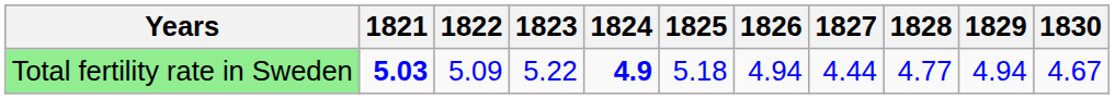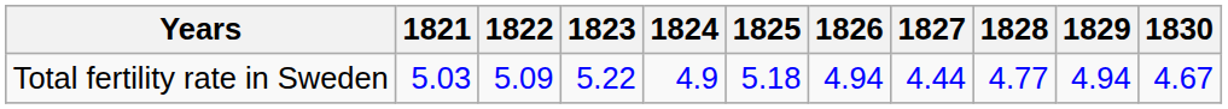 <table class="wikitable " style="text-align:right">
 <tr>
 <th>Years</th>
 <th>1821</th>
 <th>1822</th>
 <th>1823</th>
 <th>1824</th>
 <th>1825</th>
 <th>1826</th>
 <th>1827</th>
 <th>1828</th>
 <th>1829</th>
 <th>1830</th>
 </tr>
 <tr>
-<td style="background: lightgreen; text-align:left;">Total fertility rate in Sweden</td>
-<td style="text-align:right; color:blue;"><strong>5.03</strong></td>
+<td style="text-align:left;">Total fertility rate in Sweden</td>
+<td style="text-align:right; color:blue;">5.03</td>
 <td style="text-align:right; color:blue;">5.09</td>
 <td style="text-align:right; color:blue;">5.22</td>
-<td style="text-align:right; color:blue;"><strong>4.9</strong></td>
+<td style="text-align:right; color:blue;">4.9</td>
 <td style="text-align:right; color:blue;">5.18</td>
 <td style="text-align:right; color:blue;">4.94</td>
 <td style="text-align:right; color:blue;">4.44</td>
 <td style="text-align:right; color:blue;">4.77</td>
 <td style="text-align:right; color:blue;">4.94</td>
 <td style="text-align:right; color:blue;">4.67</td>
 </tr>
 </table>
